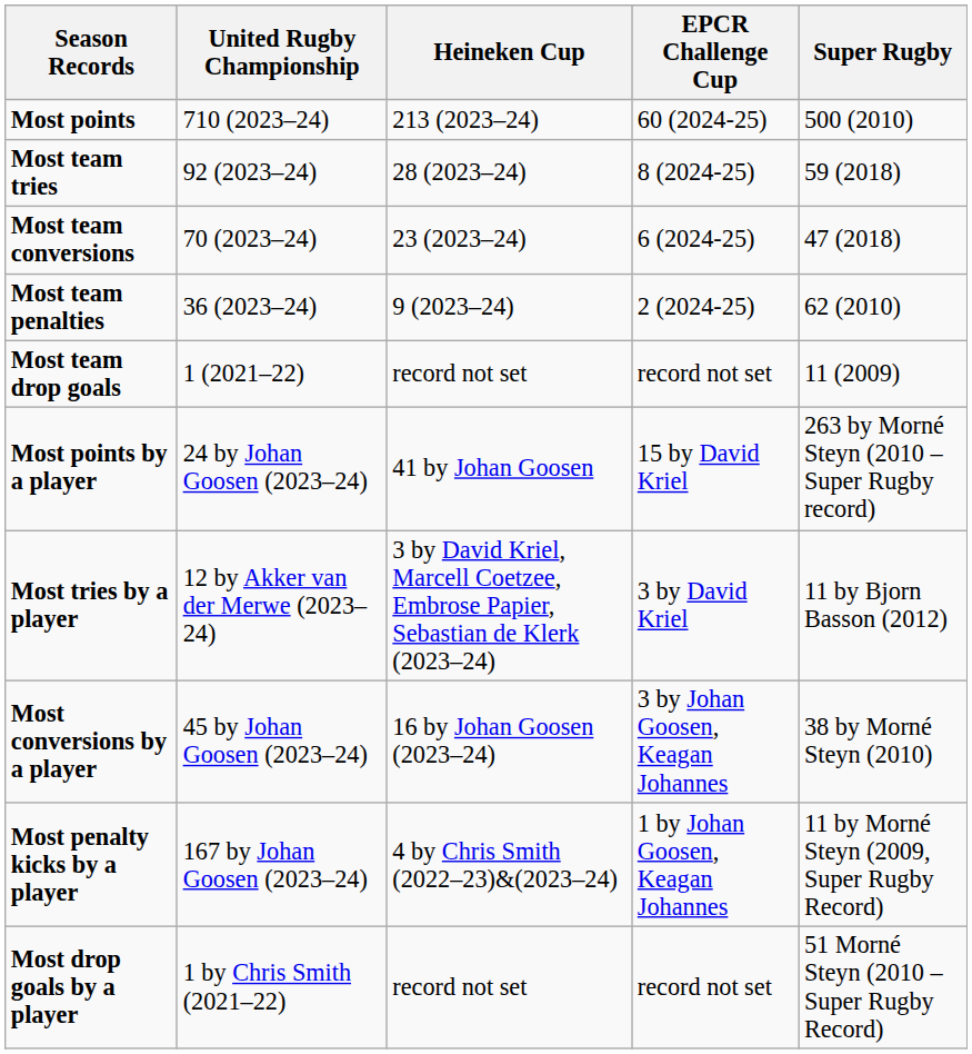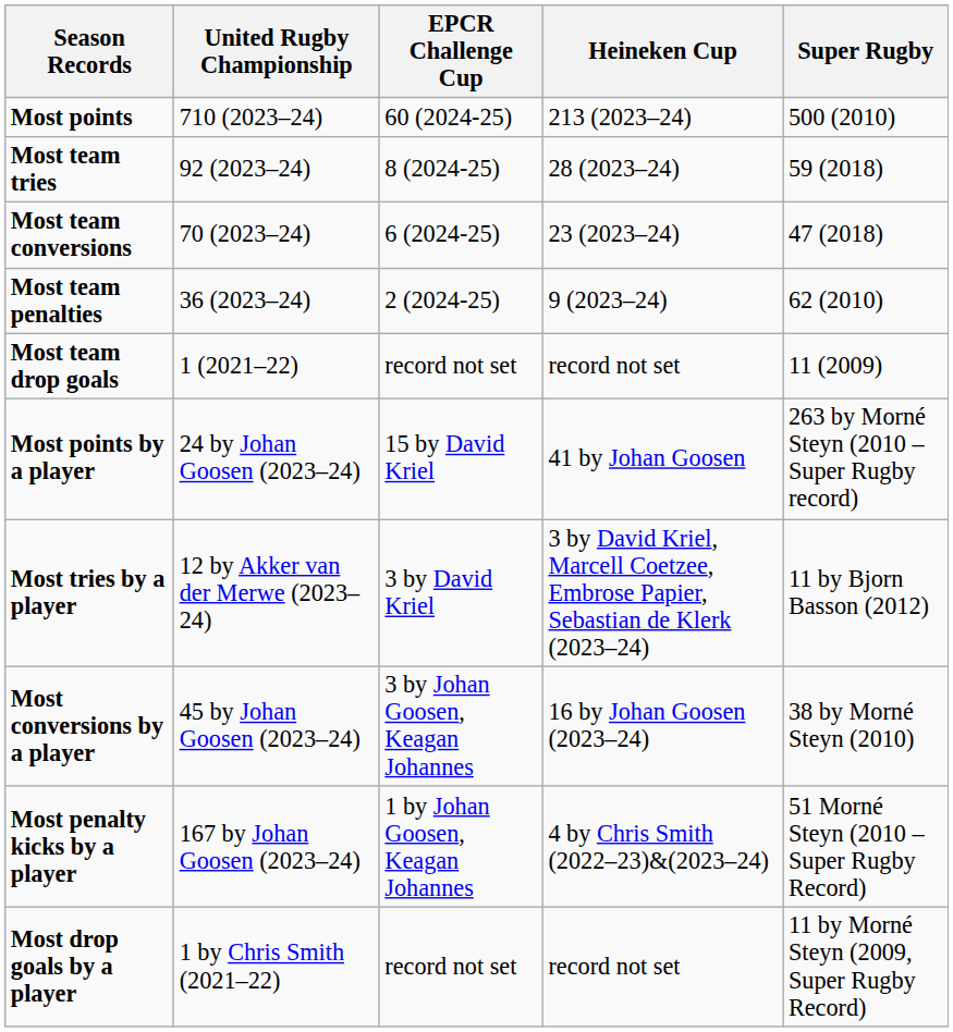 <table class="wikitable" width="100%">
 <tr style="background:#BCD4E6">
 <th>Season Records</th>
 <th>United Rugby Championship</th>
+<th>EPCR Challenge Cup</th>
 <th>Heineken Cup</th>
-<th>EPCR Challenge Cup</th>
 <th>Super Rugby</th>
 </tr>
 <tr>
 <td><strong>Most points</strong></td>
 <td>710 (2023–24)</td>
+<td>60 (2024-25)</td>
 <td>213 (2023–24)</td>
-<td>60 (2024-25)</td>
 <td>500 (2010)</td>
 </tr>
 <tr>
 <td><strong>Most team tries</strong></td>
 <td>92 (2023–24)</td>
+<td>8 (2024-25)</td>
 <td>28 (2023–24)</td>
-<td>8 (2024-25)</td>
 <td>59 (2018)</td>
 </tr>
 <tr>
 <td><strong>Most team conversions</strong></td>
 <td>70 (2023–24)</td>
+<td>6 (2024-25)</td>
 <td>23 (2023–24)</td>
-<td>6 (2024-25)</td>
 <td>47 (2018)</td>
 </tr>
 <tr>
 <td><strong>Most team penalties</strong></td>
 <td>36 (2023–24)</td>
+<td>2 (2024-25)</td>
 <td>9 (2023–24)</td>
-<td>2 (2024-25)</td>
 <td>62 (2010)</td>
 </tr>
 <tr>
 <td><strong>Most team drop goals</strong></td>
 <td>1 (2021–22)</td>
 <td>record not set</td>
 <td>record not set</td>
 <td>11 (2009)</td>
 </tr>
 <tr>
 <td><strong>Most points by a player</strong></td>
 <td>24 by <a href='#'>Johan Goosen</a> (2023–24)</td>
+<td>15 by <a href='#'>David Kriel</a></td>
 <td>41 by <a href='#'>Johan Goosen</a></td>
-<td>15 by <a href='#'>David Kriel</a></td>
 <td>263 by Morné Steyn (2010 – Super Rugby record)</td>
 </tr>
 <tr>
 <td><strong>Most tries by a player</strong></td>
 <td>12 by <a href='#'>Akker van der Merwe</a> (2023–24)</td>
+<td>3 by <a href='#'>David Kriel</a></td>
 <td>3 by <a href='#'>David Kriel</a>, <a href='#'>Marcell Coetzee</a>, <a href='#'>Embrose Papier</a>, <a href='#'>Sebastian de Klerk</a> (2023–24)</td>
-<td>3 by <a href='#'>David Kriel</a></td>
 <td>11 by Bjorn Basson (2012)</td>
 </tr>
 <tr>
 <td><strong>Most conversions by a player</strong></td>
 <td>45 by <a href='#'>Johan Goosen</a> (2023–24)</td>
+<td>3 by <a href='#'>Johan Goosen</a>, <a href='#'>Keagan Johannes</a></td>
 <td>16 by <a href='#'>Johan Goosen</a> (2023–24)</td>
-<td>3 by <a href='#'>Johan Goosen</a>, <a href='#'>Keagan Johannes</a></td>
 <td>38 by Morné Steyn (2010)</td>
 </tr>
 <tr>
 <td><strong>Most penalty kicks by a player</strong></td>
 <td>167 by <a href='#'>Johan Goosen</a> (2023–24)</td>
+<td>1 by <a href='#'>Johan Goosen</a>, <a href='#'>Keagan Johannes</a></td>
 <td>4 by <a href='#'>Chris Smith</a> (2022–23)&(2023–24)</td>
-<td>1 by <a href='#'>Johan Goosen</a>, <a href='#'>Keagan Johannes</a></td>
-<td>11 by Morné Steyn (2009, Super Rugby Record)</td>
+<td>51 Morné Steyn (2010 – Super Rugby Record)</td>
 </tr>
 <tr>
 <td><strong>Most drop goals by a player</strong></td>
 <td>1 by <a href='#'>Chris Smith</a> (2021–22)</td>
 <td>record not set</td>
 <td>record not set</td>
-<td>51 Morné Steyn (2010 – Super Rugby Record)</td>
+<td>11 by Morné Steyn (2009, Super Rugby Record)</td>
 </tr>
 </table>
